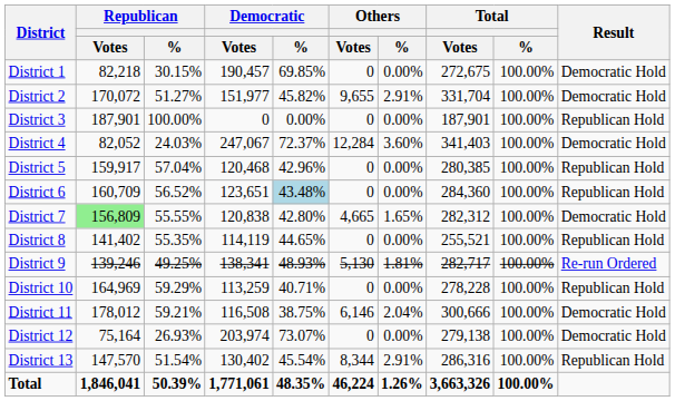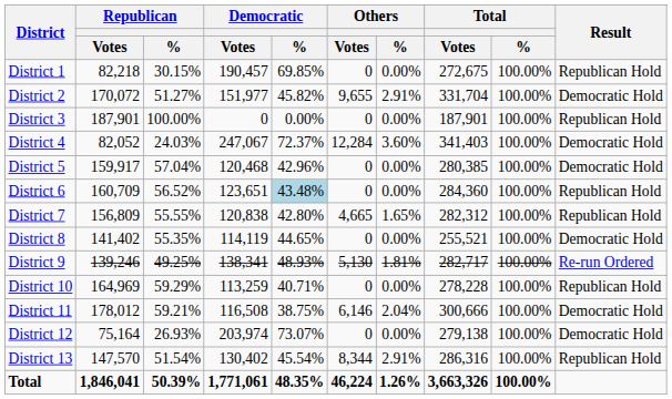 <table class="wikitable plainrowheaders sortable" style="font-size:100%; text-align:right;">
 <tr>
 <th scope=col rowspan=3><a href='#'>District</a></th>
 <th scope=col colspan=2><a href='#'>Republican</a></th>
 <th scope=col colspan=2><a href='#'>Democratic</a></th>
 <th scope=col colspan=2>Others</th>
 <th scope=col colspan=2>Total</th>
 <th scope=col rowspan=3>Result</th>
 </tr>
 <tr>
 <th scope=col colspan=2 style="background:"></th>
 <th scope=col colspan=2 style="background:"></th>
 <th scope=col colspan=2></th>
 <th scope=col colspan=2></th>
 </tr>
 <tr>
 <th scope=col data-sort-type="number">Votes</th>
 <th scope=col data-sort-type="number">%</th>
 <th scope=col data-sort-type="number">Votes</th>
 <th scope=col data-sort-type="number">%</th>
 <th scope=col data-sort-type="number">Votes</th>
 <th scope=col data-sort-type="number">%</th>
 <th scope=col data-sort-type="number">Votes</th>
 <th scope=col data-sort-type="number">%</th>
 </tr>
 <tr>
 <td align=left><a href='#'>District 1</a></td>
 <td>82,218</td>
 <td>30.15%</td>
 <td>190,457</td>
 <td>69.85%</td>
 <td>0</td>
 <td>0.00%</td>
 <td>272,675</td>
 <td>100.00%</td>
-<td align=left>Democratic Hold</td>
+<td align=left>Republican Hold</td>
 </tr>
 <tr>
 <td align=left><a href='#'>District 2</a></td>
 <td>170,072</td>
 <td>51.27%</td>
 <td>151,977</td>
 <td>45.82%</td>
 <td>9,655</td>
 <td>2.91%</td>
 <td>331,704</td>
 <td>100.00%</td>
 <td align=left>Democratic Hold</td>
 </tr>
 <tr>
 <td align=left><a href='#'>District 3</a></td>
 <td>187,901</td>
 <td>100.00%</td>
 <td>0</td>
 <td>0.00%</td>
 <td>0</td>
 <td>0.00%</td>
 <td>187,901</td>
 <td>100.00%</td>
 <td align=left>Republican Hold</td>
 </tr>
 <tr>
 <td align=left><a href='#'>District 4</a></td>
 <td>82,052</td>
 <td>24.03%</td>
 <td>247,067</td>
 <td>72.37%</td>
 <td>12,284</td>
 <td>3.60%</td>
 <td>341,403</td>
 <td>100.00%</td>
 <td align=left>Democratic Hold</td>
 </tr>
 <tr>
 <td align=left><a href='#'>District 5</a></td>
 <td>159,917</td>
 <td>57.04%</td>
 <td>120,468</td>
 <td>42.96%</td>
 <td>0</td>
 <td>0.00%</td>
 <td>280,385</td>
 <td>100.00%</td>
-<td align=left>Republican Hold</td>
+<td align=left>Democratic Hold</td>
 </tr>
 <tr>
 <td align=left><a href='#'>District 6</a></td>
 <td>160,709</td>
 <td>56.52%</td>
 <td>123,651</td>
 <td style="background: lightblue;">43.48%</td>
 <td>0</td>
 <td>0.00%</td>
 <td>284,360</td>
 <td>100.00%</td>
 <td align=left>Republican Hold</td>
 </tr>
 <tr>
 <td align=left><a href='#'>District 7</a></td>
-<td style="background: lightgreen;">156,809</td>
+<td>156,809</td>
 <td>55.55%</td>
 <td>120,838</td>
 <td>42.80%</td>
 <td>4,665</td>
 <td>1.65%</td>
 <td>282,312</td>
 <td>100.00%</td>
-<td align=left>Democratic Hold</td>
+<td align=left>Republican Hold</td>
 </tr>
 <tr>
 <td align=left><a href='#'>District 8</a></td>
 <td>141,402</td>
 <td>55.35%</td>
 <td>114,119</td>
 <td>44.65%</td>
 <td>0</td>
 <td>0.00%</td>
 <td>255,521</td>
 <td>100.00%</td>
-<td align=left>Republican Hold</td>
+<td align=left>Democratic Hold</td>
 </tr>
 <tr>
 <td align=left><a href='#'>District 9</a></td>
 <td><s>139,246</s></td>
 <td><s>49.25%</s></td>
 <td><s>138,341</s></td>
 <td><s>48.93%</s></td>
 <td><s>5,130</s></td>
 <td><s>1.81%</s></td>
 <td><s>282,717</s></td>
 <td><s>100.00%</s></td>
 <td align=left><a href='#'>Re-run Ordered</a></td>
 </tr>
 <tr>
 <td align=left><a href='#'>District 10</a></td>
 <td>164,969</td>
 <td>59.29%</td>
 <td>113,259</td>
 <td>40.71%</td>
 <td>0</td>
 <td>0.00%</td>
 <td>278,228</td>
 <td>100.00%</td>
 <td align=left>Republican Hold</td>
 </tr>
 <tr>
 <td align=left><a href='#'>District 11</a></td>
 <td>178,012</td>
 <td>59.21%</td>
 <td>116,508</td>
 <td>38.75%</td>
 <td>6,146</td>
 <td>2.04%</td>
 <td>300,666</td>
 <td>100.00%</td>
 <td align=left>Democratic Hold</td>
 </tr>
 <tr>
 <td align=left><a href='#'>District 12</a></td>
 <td>75,164</td>
 <td>26.93%</td>
 <td>203,974</td>
 <td>73.07%</td>
 <td>0</td>
 <td>0.00%</td>
 <td>279,138</td>
 <td>100.00%</td>
 <td align=left>Democratic Hold</td>
 </tr>
 <tr>
 <td align=left><a href='#'>District 13</a></td>
 <td>147,570</td>
 <td>51.54%</td>
 <td>130,402</td>
 <td>45.54%</td>
 <td>8,344</td>
 <td>2.91%</td>
 <td>286,316</td>
 <td>100.00%</td>
 <td align=left>Republican Hold</td>
 </tr>
 <tr class="sortbottom" style="font-weight:bold">
 <td align=left>Total</td>
 <td>1,846,041</td>
 <td>50.39%</td>
 <td>1,771,061</td>
 <td>48.35%</td>
 <td>46,224</td>
 <td>1.26%</td>
 <td>3,663,326</td>
 <td>100.00%</td>
 <td></td>
 </tr>
 </table>
